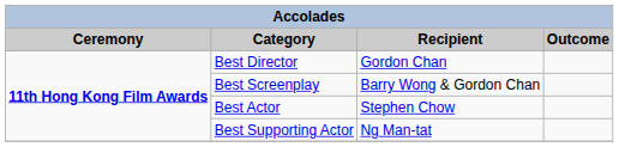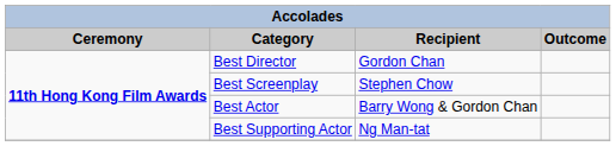 <table class="wikitable" style="font-size:95%;" ;>
 <tr style="background:#ccc; text-align:center;">
 <th colspan="4" style="background: LightSteelBlue;">Accolades</th>
 </tr>
 <tr style="background:#ccc; text-align:center;">
 <th style="background:#ccc">Ceremony</th>
 <th style="background:#ccc">Category</th>
 <th style="background:#ccc">Recipient</th>
 <th style="background:#ccc">Outcome</th>
 </tr>
 <tr>
 <td rowspan=4><strong><a href='#'>11th Hong Kong Film Awards</a></strong></td>
 <td><a href='#'>Best Director</a></td>
 <td><a href='#'>Gordon Chan</a></td>
 <td></td>
 </tr>
 <tr>
 <td><a href='#'>Best Screenplay</a></td>
-<td><a href='#'>Barry Wong</a> & Gordon Chan</td>
+<td><a href='#'>Stephen Chow</a></td>
 <td></td>
 </tr>
 <tr>
 <td><a href='#'>Best Actor</a></td>
-<td><a href='#'>Stephen Chow</a></td>
+<td><a href='#'>Barry Wong</a> & Gordon Chan</td>
 <td></td>
 </tr>
 <tr>
 <td><a href='#'>Best Supporting Actor</a></td>
 <td><a href='#'>Ng Man-tat</a></td>
 <td></td>
 </tr>
 <tr>
 </tr>
 </table>
